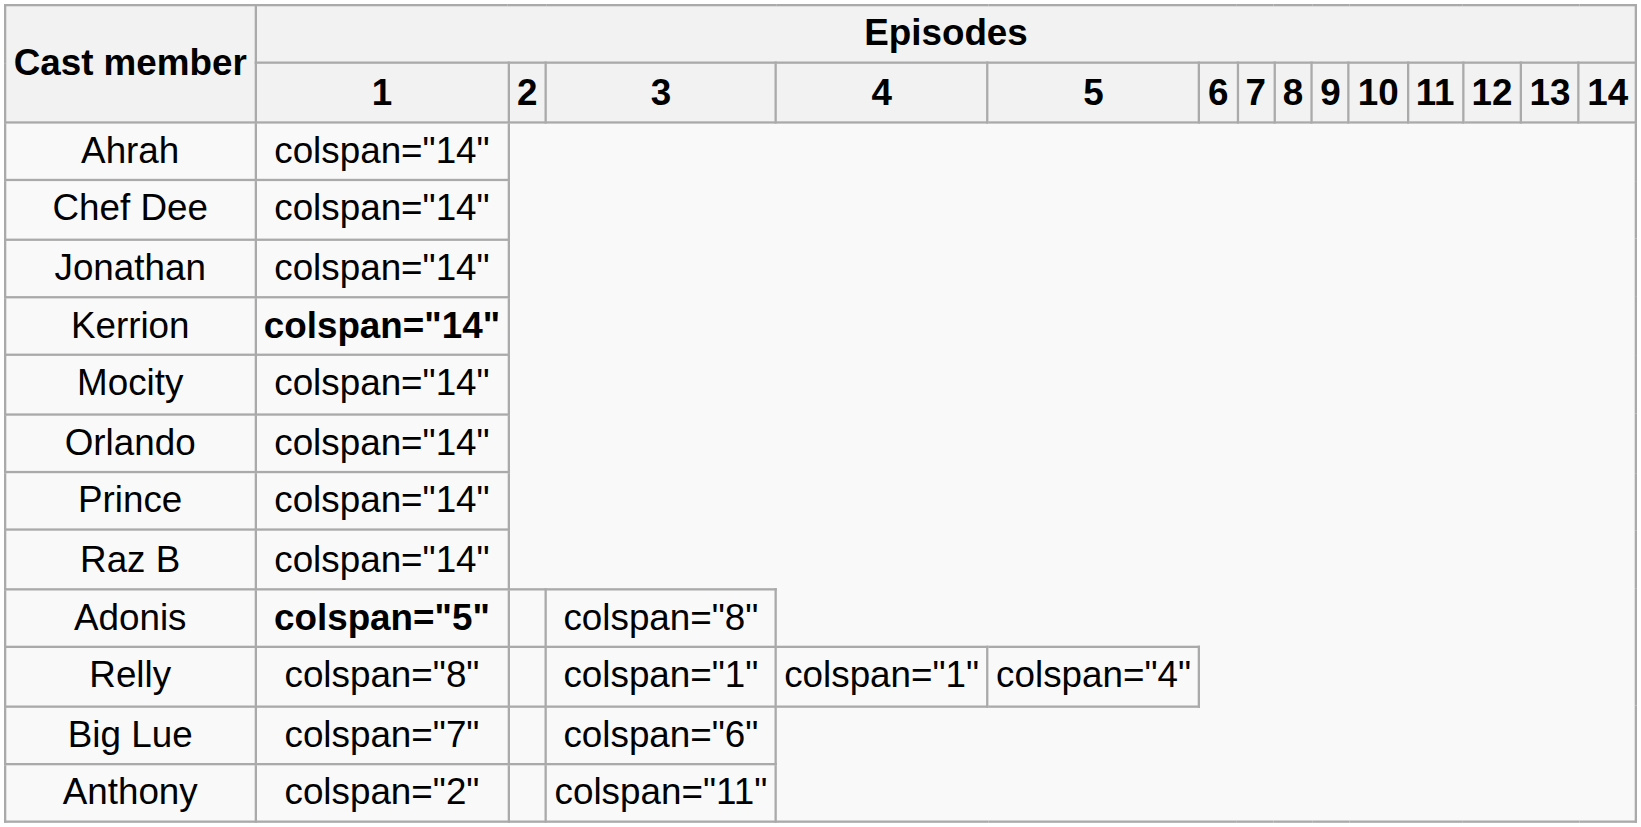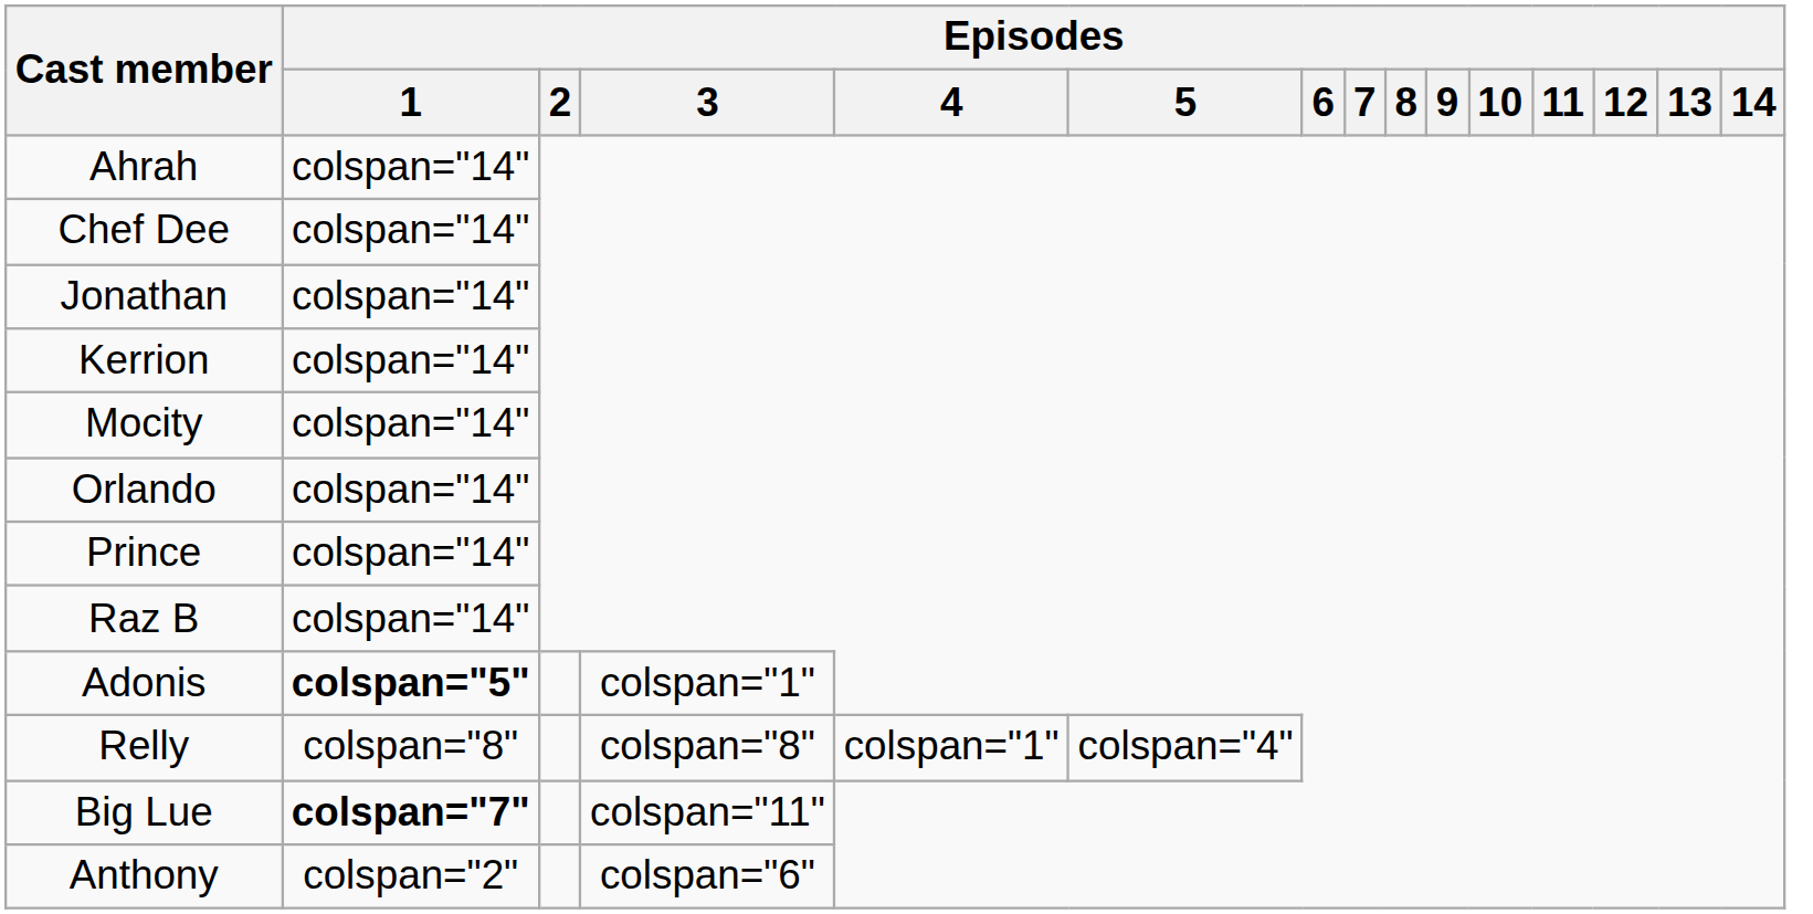 <table class="wikitable plainrowheaders" style="text-align:center;">
 <tr>
 <th scope="col" rowspan="2">Cast member</th>
 <th scope="col" colspan="14">Episodes</th>
 </tr>
 <tr>
 <th scope="col">1</th>
 <th scope="col">2</th>
 <th scope="col">3</th>
 <th scope="col">4</th>
 <th scope="col">5</th>
 <th scope="col">6</th>
 <th scope="col">7</th>
 <th scope="col">8</th>
 <th scope="col">9</th>
 <th scope="col">10</th>
 <th scope="col">11</th>
 <th scope=“col”>12</th>
 <th scope=“col”>13</th>
 <th scope=“col”>14</th>
 </tr>
 <tr>
 <td scope="row">Ahrah</td>
 <td>colspan="14" </td>
 </tr>
 <tr>
 <td scope="row">Chef Dee</td>
 <td>colspan="14" </td>
 </tr>
 <tr>
 <td scope="row">Jonathan</td>
 <td>colspan="14" </td>
 </tr>
 <tr>
 <td scope="row">Kerrion</td>
-<td><strong>colspan="14" </strong></td>
+<td>colspan="14" </td>
 </tr>
 <tr>
 <td scope="row">Mocity</td>
 <td>colspan="14" </td>
 </tr>
 <tr>
 <td scope="row">Orlando</td>
 <td>colspan="14" </td>
 </tr>
 <tr>
 <td scope="row">Prince</td>
 <td>colspan="14" </td>
 </tr>
 <tr>
 <td scope="row">Raz B</td>
 <td>colspan="14" </td>
 </tr>
 <tr>
 <td scope="row">Adonis</td>
 <td><strong>colspan="5" </strong></td>
 <td></td>
-<td>colspan="8" </td>
+<td>colspan="1" </td>
 </tr>
 <tr>
 <td scope="row">Relly</td>
 <td>colspan="8" </td>
 <td></td>
-<td>colspan="1" </td>
+<td>colspan="8" </td>
 <td>colspan="1" </td>
 <td>colspan="4" </td>
 </tr>
 <tr>
 <td scope="row">Big Lue</td>
-<td>colspan="7" </td>
+<td><strong>colspan="7" </strong></td>
 <td></td>
-<td>colspan="6" </td>
+<td>colspan="11" </td>
 </tr>
 <tr>
 <td scope="row">Anthony</td>
 <td>colspan="2" </td>
 <td></td>
-<td>colspan="11" </td>
+<td>colspan="6" </td>
 </tr>
 </table>
